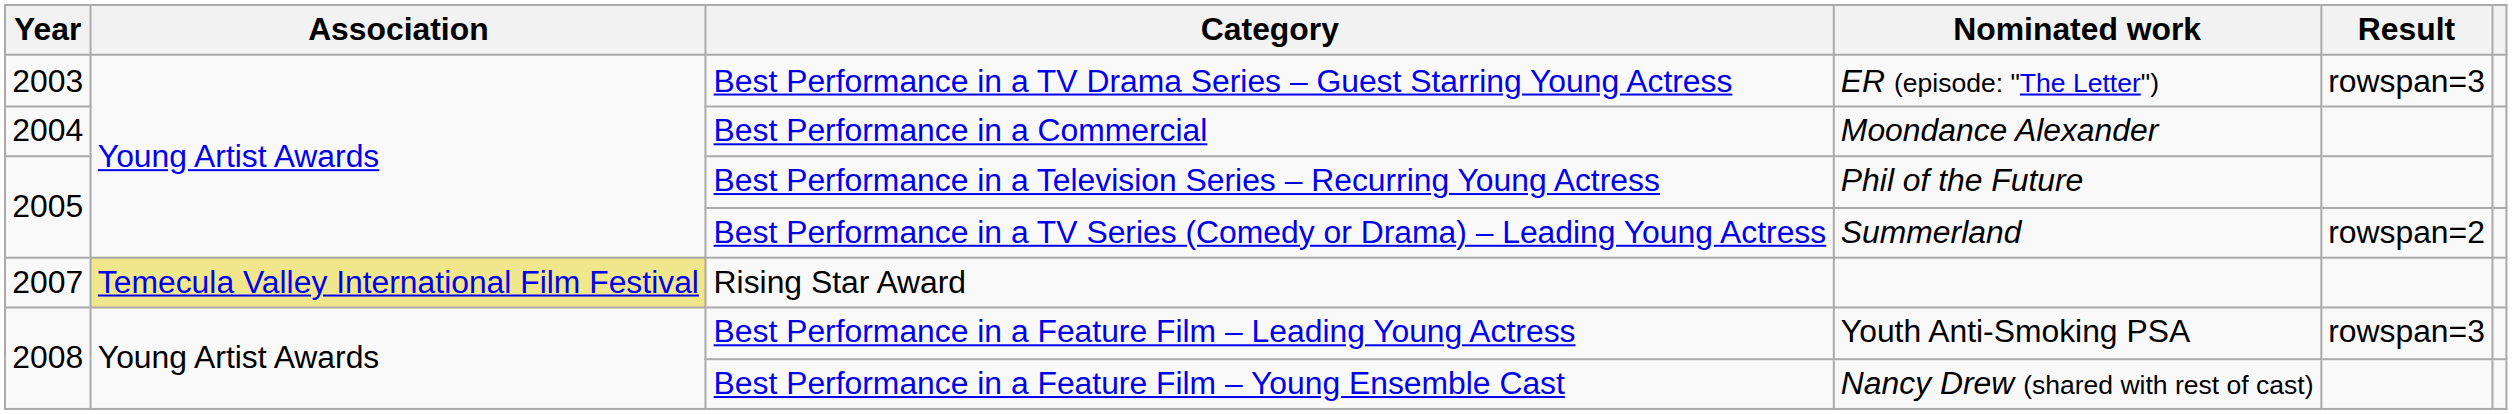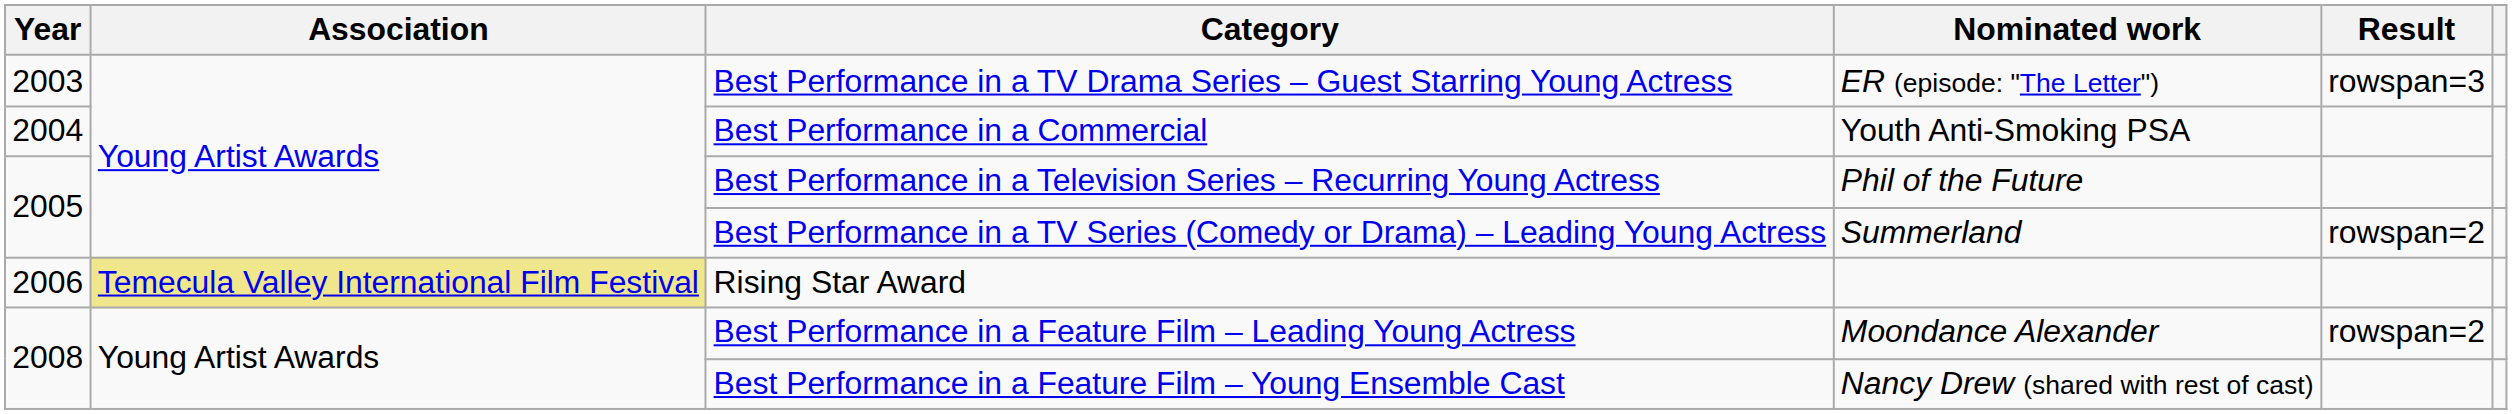 <table class=wikitable>
 <tr>
 <th>Year</th>
 <th>Association</th>
 <th>Category</th>
 <th>Nominated work</th>
 <th>Result</th>
 <th></th>
 </tr>
 <tr>
 <td>2003</td>
 <td rowspan=4><a href='#'>Young Artist Awards</a></td>
 <td><a href='#'>Best Performance in a TV Drama Series – Guest Starring Young Actress</a></td>
 <td><em>ER</em> <small>(episode: "<a href='#'>The Letter</a>")</small></td>
 <td>rowspan=3 </td>
 <td></td>
 </tr>
 <tr>
 <td>2004</td>
 <td><a href='#'>Best Performance in a Commercial</a></td>
-<td><em>Moondance Alexander</em></td>
+<td>Youth Anti-Smoking PSA</td>
 <td></td>
 </tr>
 <tr>
 <td rowspan=2>2005</td>
 <td><a href='#'>Best Performance in a Television Series – Recurring Young Actress</a></td>
 <td><em>Phil of the Future</em></td>
 <td></td>
 </tr>
 <tr>
 <td><a href='#'>Best Performance in a TV Series (Comedy or Drama) – Leading Young Actress</a></td>
 <td><em>Summerland</em></td>
 <td>rowspan=2 </td>
 <td></td>
 </tr>
 <tr>
-<td>2007</td>
+<td>2006</td>
 <td style="background: khaki;"><a href='#'>Temecula Valley International Film Festival</a></td>
 <td>Rising Star Award</td>
 <td></td>
 <td></td>
 </tr>
 <tr>
 <td rowspan=2>2008</td>
 <td rowspan=2>Young Artist Awards</td>
 <td><a href='#'>Best Performance in a Feature Film – Leading Young Actress</a></td>
-<td>Youth Anti-Smoking PSA</td>
-<td>rowspan=3 </td>
+<td><em>Moondance Alexander</em></td>
+<td>rowspan=2 </td>
 <td></td>
 </tr>
 <tr>
 <td><a href='#'>Best Performance in a Feature Film – Young Ensemble Cast</a></td>
 <td><em>Nancy Drew</em> <small>(shared with rest of cast)</small></td>
 <td></td>
 </tr>
 </table>
